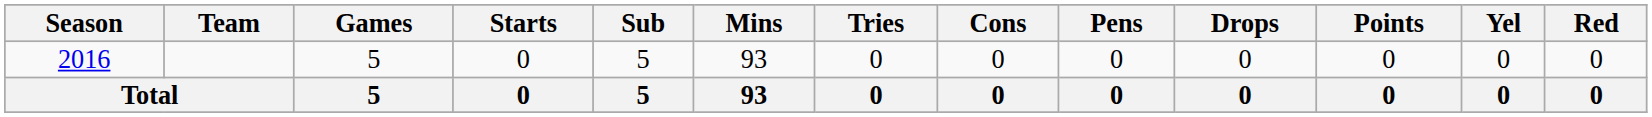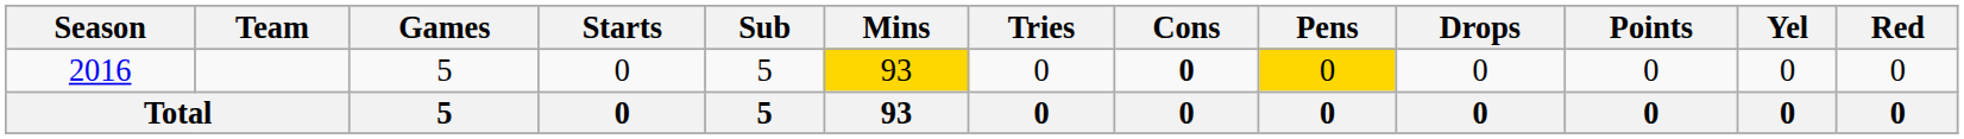 <table class="wikitable" style="text-align:center; line-height:90%; font-size:95%; width:60%;">
 <tr>
 <th>Season</th>
 <th>Team</th>
 <th>Games</th>
 <th>Starts</th>
 <th>Sub</th>
 <th>Mins</th>
 <th>Tries</th>
 <th>Cons</th>
 <th>Pens</th>
 <th>Drops</th>
 <th>Points</th>
 <th>Yel</th>
 <th>Red</th>
 </tr>
 <tr>
 <td><a href='#'>2016</a></td>
 <td></td>
 <td>5</td>
 <td>0</td>
 <td>5</td>
-<td>93</td>
+<td style="background: gold;">93</td>
 <td>0</td>
-<td>0</td>
-<td>0</td>
+<td><strong>0</strong></td>
+<td style="background: gold;">0</td>
 <td>0</td>
 <td>0</td>
 <td>0</td>
 <td>0</td>
 </tr>
 <tr>
 <th colspan="2">Total</th>
 <th>5</th>
 <th>0</th>
 <th>5</th>
 <th>93</th>
 <th>0</th>
 <th>0</th>
 <th>0</th>
 <th>0</th>
 <th>0</th>
 <th>0</th>
 <th>0</th>
 </tr>
 </table>
